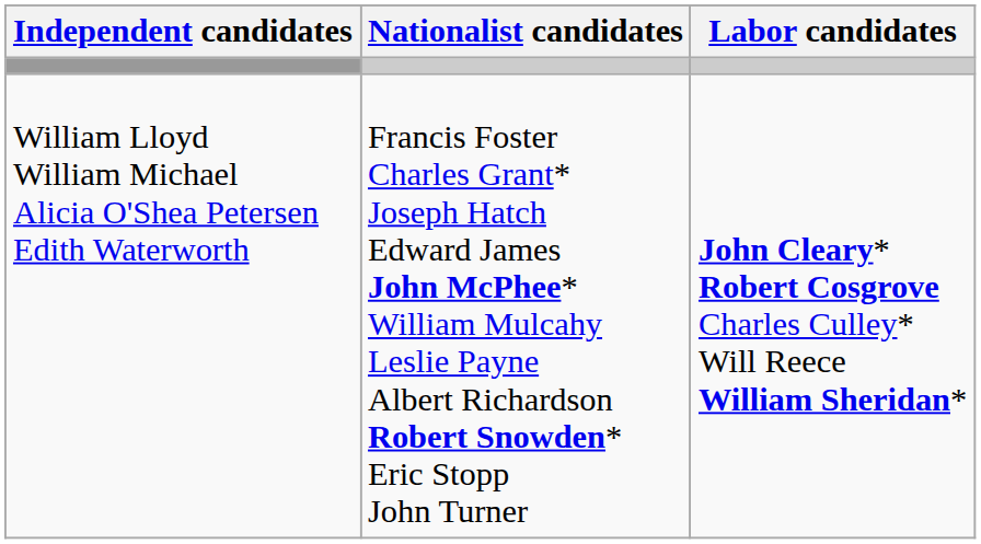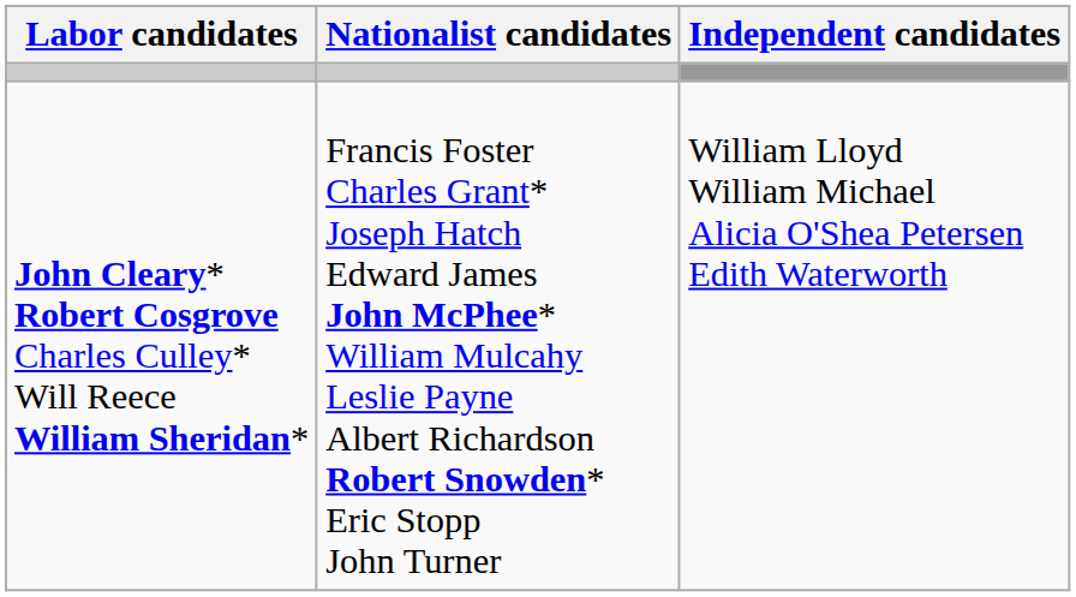 <table class="wikitable">
 <tr>
+<th><a href='#'>Labor</a> candidates</th>
+<th><a href='#'>Nationalist</a> candidates</th>
 <th><a href='#'>Independent</a> candidates</th>
-<th><a href='#'>Nationalist</a> candidates</th>
-<th><a href='#'>Labor</a> candidates</th>
 </tr>
 <tr bgcolor="#cccccc">
-<td bgcolor="#999999"></td>
 <td></td>
 <td></td>
+<td bgcolor="#999999"></td>
 </tr>
 <tr>
+<td><br><strong><a href='#'>John Cleary</a></strong>*<br> <strong><a href='#'>Robert Cosgrove</a></strong><br> <a href='#'>Charles Culley</a>*<br> Will Reece<br> <strong><a href='#'>William Sheridan</a></strong>*</td>
+<td><br>Francis Foster<br> <a href='#'>Charles Grant</a>*<br> <a href='#'>Joseph Hatch</a><br> Edward James<br> <strong><a href='#'>John McPhee</a></strong>*<br> <a href='#'>William Mulcahy</a><br> <a href='#'>Leslie Payne</a><br> Albert Richardson<br> <strong><a href='#'>Robert Snowden</a></strong>*<br> Eric Stopp<br> John Turner</td>
 <td valign=top><br>William Lloyd<br> William Michael<br> <a href='#'>Alicia O'Shea Petersen</a><br> <a href='#'>Edith Waterworth</a></td>
-<td><br>Francis Foster<br> <a href='#'>Charles Grant</a>*<br> <a href='#'>Joseph Hatch</a><br> Edward James<br> <strong><a href='#'>John McPhee</a></strong>*<br> <a href='#'>William Mulcahy</a><br> <a href='#'>Leslie Payne</a><br> Albert Richardson<br> <strong><a href='#'>Robert Snowden</a></strong>*<br> Eric Stopp<br> John Turner</td>
-<td><br><strong><a href='#'>John Cleary</a></strong>*<br> <strong><a href='#'>Robert Cosgrove</a></strong><br> <a href='#'>Charles Culley</a>*<br> Will Reece<br> <strong><a href='#'>William Sheridan</a></strong>*</td>
 </tr>
 </table>
